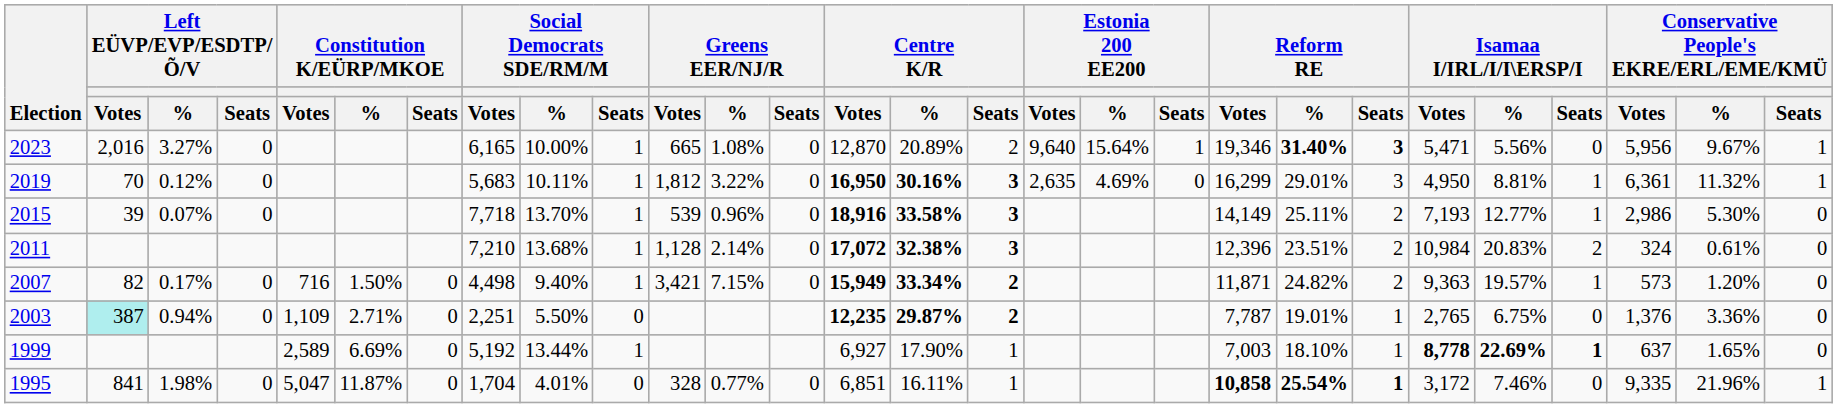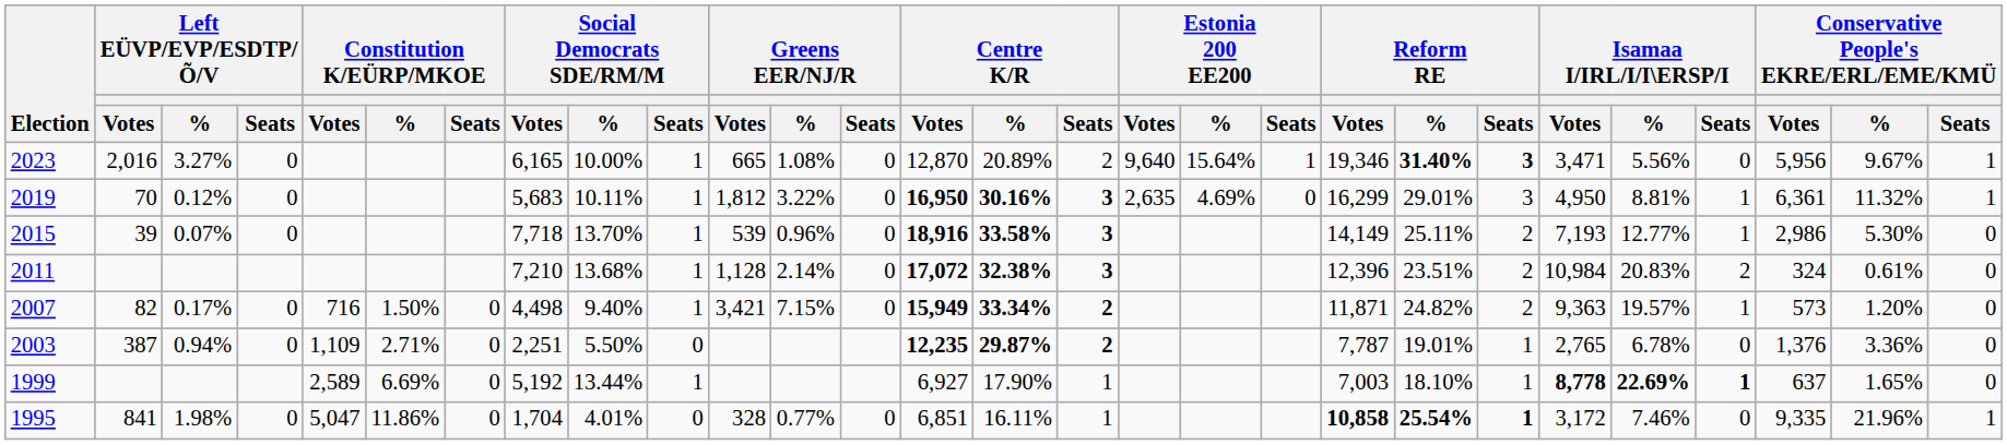 <table class="wikitable" border="1" style="font-size:80%; text-align:right;">
 <tr>
 <th style="text-align:left;" valign=bottom rowspan=3>Election</th>
 <th valign=bottom colspan=3><a href='#'>Left</a><br>EÜVP/EVP/ESDTP/Õ/V</th>
 <th valign=bottom colspan=3><a href='#'>Constitution</a><br>K/EÜRP/MKOE</th>
 <th valign=bottom colspan=3><a href='#'>Social<br>Democrats</a><br>SDE/RM/M</th>
 <th valign=bottom colspan=3><a href='#'>Greens</a><br>EER/NJ/R</th>
 <th valign=bottom colspan=3><a href='#'>Centre</a><br>K/R</th>
 <th valign=bottom colspan=3><a href='#'>Estonia <br> 200</a><br>EE200</th>
 <th valign=bottom colspan=3><a href='#'>Reform</a><br>RE</th>
 <th valign=bottom colspan=3><a href='#'>Isamaa</a><br>I/IRL/I/I\ERSP/I</th>
 <th valign=bottom colspan=3><a href='#'>Conservative<br>People's</a><br>EKRE/ERL/EME/KMÜ</th>
 </tr>
 <tr>
 <th colspan=3 style="background:"></th>
 <th colspan=3 style="background:"></th>
 <th colspan=3 style="background:"></th>
 <th colspan=3 style="background:"></th>
 <th colspan=3 style="background:"></th>
 <th colspan=3 style="background:"></th>
 <th colspan=3 style="background:"></th>
 <th colspan=3 style="background:"></th>
 <th colspan=3 style="background:"></th>
 </tr>
 <tr>
 <th>Votes</th>
 <th>%</th>
 <th>Seats</th>
 <th>Votes</th>
 <th>%</th>
 <th>Seats</th>
 <th>Votes</th>
 <th>%</th>
 <th>Seats</th>
 <th>Votes</th>
 <th>%</th>
 <th>Seats</th>
 <th>Votes</th>
 <th>%</th>
 <th>Seats</th>
 <th>Votes</th>
 <th>%</th>
 <th>Seats</th>
 <th>Votes</th>
 <th>%</th>
 <th>Seats</th>
 <th>Votes</th>
 <th>%</th>
 <th>Seats</th>
 <th>Votes</th>
 <th>%</th>
 <th>Seats</th>
 </tr>
 <tr>
 <td align=left><a href='#'>2023</a></td>
 <td>2,016</td>
 <td>3.27%</td>
 <td>0</td>
 <td></td>
 <td></td>
 <td></td>
 <td>6,165</td>
 <td>10.00%</td>
 <td>1</td>
 <td>665</td>
 <td>1.08%</td>
 <td>0</td>
 <td>12,870</td>
 <td>20.89%</td>
 <td>2</td>
 <td>9,640</td>
 <td>15.64%</td>
 <td>1</td>
 <td>19,346</td>
 <td><strong>31.40%</strong></td>
 <td><strong>3</strong></td>
-<td>5,471</td>
+<td>3,471</td>
 <td>5.56%</td>
 <td>0</td>
 <td>5,956</td>
 <td>9.67%</td>
 <td>1</td>
 </tr>
 <tr>
 <td align=left><a href='#'>2019</a></td>
 <td>70</td>
 <td>0.12%</td>
 <td>0</td>
 <td></td>
 <td></td>
 <td></td>
 <td>5,683</td>
 <td>10.11%</td>
 <td>1</td>
 <td>1,812</td>
 <td>3.22%</td>
 <td>0</td>
 <td><strong>16,950</strong></td>
 <td><strong>30.16%</strong></td>
 <td><strong>3</strong></td>
 <td>2,635</td>
 <td>4.69%</td>
 <td>0</td>
 <td>16,299</td>
 <td>29.01%</td>
 <td>3</td>
 <td>4,950</td>
 <td>8.81%</td>
 <td>1</td>
 <td>6,361</td>
 <td>11.32%</td>
 <td>1</td>
 </tr>
 <tr>
 <td align=left><a href='#'>2015</a></td>
 <td>39</td>
 <td>0.07%</td>
 <td>0</td>
 <td></td>
 <td></td>
 <td></td>
 <td>7,718</td>
 <td>13.70%</td>
 <td>1</td>
 <td>539</td>
 <td>0.96%</td>
 <td>0</td>
 <td><strong>18,916</strong></td>
 <td><strong>33.58%</strong></td>
 <td><strong>3</strong></td>
 <td></td>
 <td></td>
 <td></td>
 <td>14,149</td>
 <td>25.11%</td>
 <td>2</td>
 <td>7,193</td>
 <td>12.77%</td>
 <td>1</td>
 <td>2,986</td>
 <td>5.30%</td>
 <td>0</td>
 </tr>
 <tr>
 <td align=left><a href='#'>2011</a></td>
 <td></td>
 <td></td>
 <td></td>
 <td></td>
 <td></td>
 <td></td>
 <td>7,210</td>
 <td>13.68%</td>
 <td>1</td>
 <td>1,128</td>
 <td>2.14%</td>
 <td>0</td>
 <td><strong>17,072</strong></td>
 <td><strong>32.38%</strong></td>
 <td><strong>3</strong></td>
 <td></td>
 <td></td>
 <td></td>
 <td>12,396</td>
 <td>23.51%</td>
 <td>2</td>
 <td>10,984</td>
 <td>20.83%</td>
 <td>2</td>
 <td>324</td>
 <td>0.61%</td>
 <td>0</td>
 </tr>
 <tr>
 <td align=left><a href='#'>2007</a></td>
 <td>82</td>
 <td>0.17%</td>
 <td>0</td>
 <td>716</td>
 <td>1.50%</td>
 <td>0</td>
 <td>4,498</td>
 <td>9.40%</td>
 <td>1</td>
 <td>3,421</td>
 <td>7.15%</td>
 <td>0</td>
 <td><strong>15,949</strong></td>
 <td><strong>33.34%</strong></td>
 <td><strong>2</strong></td>
 <td></td>
 <td></td>
 <td></td>
 <td>11,871</td>
 <td>24.82%</td>
 <td>2</td>
 <td>9,363</td>
 <td>19.57%</td>
 <td>1</td>
 <td>573</td>
 <td>1.20%</td>
 <td>0</td>
 </tr>
 <tr>
 <td align=left><a href='#'>2003</a></td>
-<td style="background: paleturquoise;">387</td>
+<td>387</td>
 <td>0.94%</td>
 <td>0</td>
 <td>1,109</td>
 <td>2.71%</td>
 <td>0</td>
 <td>2,251</td>
 <td>5.50%</td>
 <td>0</td>
 <td></td>
 <td></td>
 <td></td>
 <td><strong>12,235</strong></td>
 <td><strong>29.87%</strong></td>
 <td><strong>2</strong></td>
 <td></td>
 <td></td>
 <td></td>
 <td>7,787</td>
 <td>19.01%</td>
 <td>1</td>
 <td>2,765</td>
-<td>6.75%</td>
+<td>6.78%</td>
 <td>0</td>
 <td>1,376</td>
 <td>3.36%</td>
 <td>0</td>
 </tr>
 <tr>
 <td align=left><a href='#'>1999</a></td>
 <td></td>
 <td></td>
 <td></td>
 <td>2,589</td>
 <td>6.69%</td>
 <td>0</td>
 <td>5,192</td>
 <td>13.44%</td>
 <td>1</td>
 <td></td>
 <td></td>
 <td></td>
 <td>6,927</td>
 <td>17.90%</td>
 <td>1</td>
 <td></td>
 <td></td>
 <td></td>
 <td>7,003</td>
 <td>18.10%</td>
 <td>1</td>
 <td><strong>8,778</strong></td>
 <td><strong>22.69%</strong></td>
 <td><strong>1</strong></td>
 <td>637</td>
 <td>1.65%</td>
 <td>0</td>
 </tr>
 <tr>
 <td align=left><a href='#'>1995</a></td>
 <td>841</td>
 <td>1.98%</td>
 <td>0</td>
 <td>5,047</td>
-<td>11.87%</td>
+<td>11.86%</td>
 <td>0</td>
 <td>1,704</td>
 <td>4.01%</td>
 <td>0</td>
 <td>328</td>
 <td>0.77%</td>
 <td>0</td>
 <td>6,851</td>
 <td>16.11%</td>
 <td>1</td>
 <td></td>
 <td></td>
 <td></td>
 <td><strong>10,858</strong></td>
 <td><strong>25.54%</strong></td>
 <td><strong>1</strong></td>
 <td>3,172</td>
 <td>7.46%</td>
 <td>0</td>
 <td>9,335</td>
 <td>21.96%</td>
 <td>1</td>
 </tr>
 </table>
